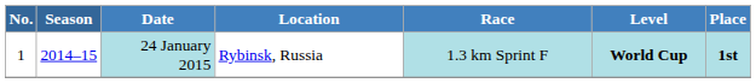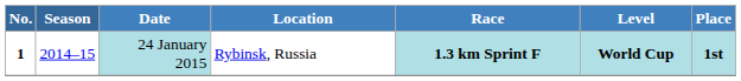 <table class="wikitable sortable" style="font-size:95%; text-align:center; border:grey solid 1px; border-collapse:collapse; background:#ffffff;">
 <tr style="background:#efefef;">
 <th style="background-color:#369; color:white;">No.</th>
 <th style="background-color:#369; color:white;">Season</th>
 <th style="background-color:#4180be; color:white; width:100px;">Date</th>
 <th style="background-color:#4180be; color:white; width:170px;">Location</th>
 <th style="background-color:#4180be; color:white; width:170px;">Race</th>
 <th style="background-color:#4180be; color:white; width:100px;">Level</th>
 <th style="background-color:#4180be; color:white;">Place</th>
 </tr>
 <tr>
-<td align=center>1</td>
+<td align=center><strong>1</strong></td>
 <td rowspan=1 align=center><a href='#'>2014–15</a></td>
 <td bgcolor="#BOEOE6" align=right>24 January 2015</td>
 <td align=left> <a href='#'>Rybinsk</a>, Russia</td>
-<td bgcolor="#BOEOE6"> 1.3 km Sprint F </td>
+<td bgcolor="#BOEOE6"><strong> 1.3 km Sprint F </strong></td>
 <td bgcolor="#BOEOE6"><strong> World Cup </strong></td>
 <td bgcolor="#BOEOE6"><strong>1st</strong></td>
 </tr>
 <tr>
 </tr>
 </table>
